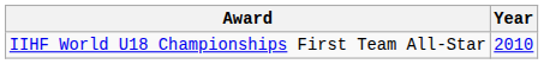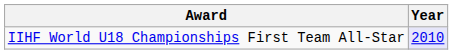 <table class="wikitable">
 <tr>
 <th>Award</th>
 <th>Year</th>
 </tr>
 <tr>
 <td><a href='#'>IIHF World U18 Championships</a> First Team All-Star</td>
-<td><a href='#'>2010</a></td>
+<td style="background: lavender;"><a href='#'>2010</a></td>
 </tr>
 </table>
